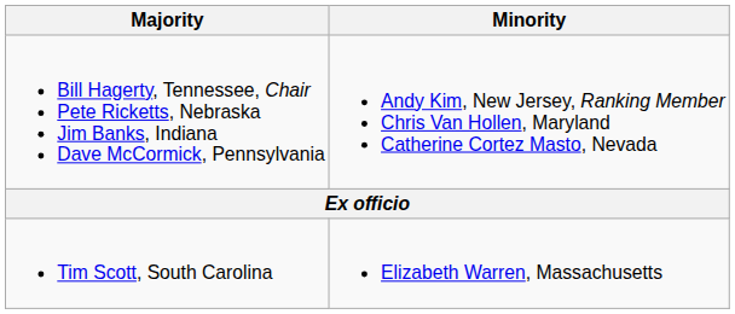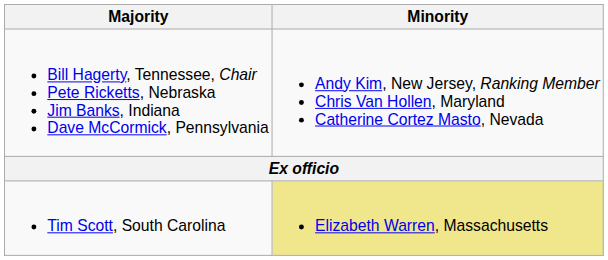 <table class=wikitable>
 <tr>
 <th>Majority</th>
 <th>Minority</th>
 </tr>
 <tr>
 <td><br><ul><li><a href='#'>Bill Hagerty</a>, Tennessee, <em>Chair</em></li><li><a href='#'>Pete Ricketts</a>, Nebraska</li><li><a href='#'>Jim Banks</a>, Indiana</li><li><a href='#'>Dave McCormick</a>, Pennsylvania</li></ul></td>
 <td><br><ul><li><a href='#'>Andy Kim</a>, New Jersey, <em>Ranking Member</em></li><li><a href='#'>Chris Van Hollen</a>, Maryland</li><li><a href='#'>Catherine Cortez Masto</a>, Nevada</li></ul></td>
 </tr>
 <tr>
 <th colspan=2><em>Ex officio</em> </th>
 </tr>
 <tr>
 <td><br><ul><li><a href='#'>Tim Scott</a>, South Carolina</li></ul></td>
-<td><br><ul><li><a href='#'>Elizabeth Warren</a>, Massachusetts</li></ul></td>
+<td style="background: khaki;"><br><ul><li><a href='#'>Elizabeth Warren</a>, Massachusetts</li></ul></td>
 </tr>
 </table>
